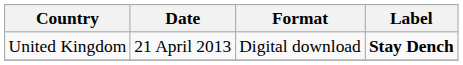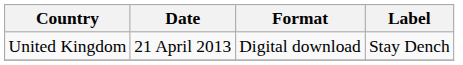 <table class="wikitable plainrowheaders">
 <tr>
 <th scope="col">Country</th>
 <th scope="col">Date</th>
 <th scope="col">Format</th>
 <th scope="col">Label</th>
 </tr>
 <tr>
 <td>United Kingdom</td>
 <td>21 April 2013</td>
 <td>Digital download</td>
-<td><strong>Stay Dench</strong></td>
+<td>Stay Dench</td>
 </tr>
 <tr>
 </tr>
 </table>
